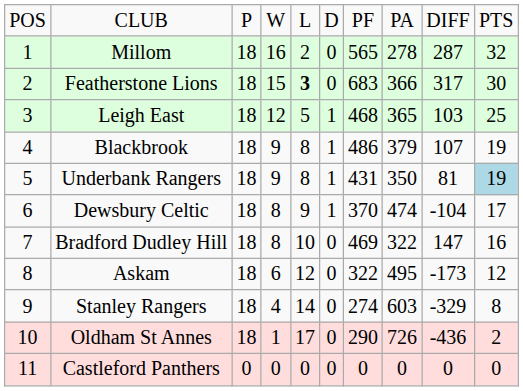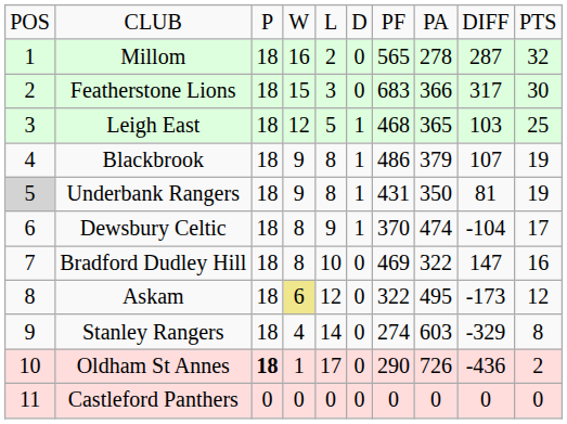 <table class="wikitable" style="text-align: center;">
 <tr>
 <td>POS</td>
 <td>CLUB</td>
 <td>P</td>
 <td>W</td>
 <td>L</td>
 <td>D</td>
 <td>PF</td>
 <td>PA</td>
 <td>DIFF</td>
 <td>PTS</td>
 </tr>
 <tr style="background:#ddffdd;">
 <td>1</td>
 <td>Millom</td>
 <td>18</td>
 <td>16</td>
 <td>2</td>
 <td>0</td>
 <td>565</td>
 <td>278</td>
 <td>287</td>
 <td>32</td>
 </tr>
 <tr style="background:#ddffdd;">
 <td>2</td>
 <td>Featherstone Lions</td>
 <td>18</td>
 <td>15</td>
-<td><strong>3</strong></td>
+<td>3</td>
 <td>0</td>
 <td>683</td>
 <td>366</td>
 <td>317</td>
 <td>30</td>
 </tr>
 <tr style="background:#ddffdd;">
 <td>3</td>
 <td>Leigh East</td>
 <td>18</td>
 <td>12</td>
 <td>5</td>
 <td>1</td>
 <td>468</td>
 <td>365</td>
 <td>103</td>
 <td>25</td>
 </tr>
 <tr>
 <td>4</td>
 <td>Blackbrook</td>
 <td>18</td>
 <td>9</td>
 <td>8</td>
 <td>1</td>
 <td>486</td>
 <td>379</td>
 <td>107</td>
 <td>19</td>
 </tr>
 <tr>
-<td>5</td>
+<td style="background: lightgrey;">5</td>
 <td>Underbank Rangers</td>
 <td>18</td>
 <td>9</td>
 <td>8</td>
 <td>1</td>
 <td>431</td>
 <td>350</td>
 <td>81</td>
-<td style="background: lightblue;">19</td>
+<td>19</td>
 </tr>
 <tr>
 <td>6</td>
 <td>Dewsbury Celtic</td>
 <td>18</td>
 <td>8</td>
 <td>9</td>
 <td>1</td>
 <td>370</td>
 <td>474</td>
 <td>-104</td>
 <td>17</td>
 </tr>
 <tr>
 <td>7</td>
 <td>Bradford Dudley Hill</td>
 <td>18</td>
 <td>8</td>
 <td>10</td>
 <td>0</td>
 <td>469</td>
 <td>322</td>
 <td>147</td>
 <td>16</td>
 </tr>
 <tr>
 <td>8</td>
 <td>Askam</td>
 <td>18</td>
-<td>6</td>
+<td style="background: khaki;">6</td>
 <td>12</td>
 <td>0</td>
 <td>322</td>
 <td>495</td>
 <td>-173</td>
 <td>12</td>
 </tr>
 <tr>
 <td>9</td>
 <td>Stanley Rangers</td>
 <td>18</td>
 <td>4</td>
 <td>14</td>
 <td>0</td>
 <td>274</td>
 <td>603</td>
 <td>-329</td>
 <td>8</td>
 </tr>
 <tr style="background:#ffdddd;">
 <td>10</td>
 <td>Oldham St Annes</td>
-<td>18</td>
+<td><strong>18</strong></td>
 <td>1</td>
 <td>17</td>
 <td>0</td>
 <td>290</td>
 <td>726</td>
 <td>-436</td>
 <td>2</td>
 </tr>
 <tr style="background:#ffdddd;">
 <td>11</td>
 <td>Castleford Panthers</td>
 <td>0</td>
 <td>0</td>
 <td>0</td>
 <td>0</td>
 <td>0</td>
 <td>0</td>
 <td>0</td>
 <td>0</td>
 </tr>
 </table>
